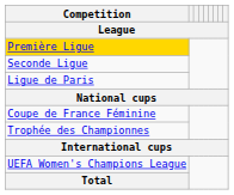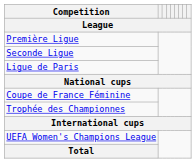 <table class="wikitable plainrowheaders sortable" style="text-align:center">
 <tr>
 <th>Competition</th>
 <th></th>
 <th></th>
 <th></th>
 <th></th>
 <th></th>
 <th></th>
 <th></th>
 <th></th>
 </tr>
 <tr>
 <th colspan=11><strong>League</strong></th>
 </tr>
 <tr>
-<td align=left style="background: gold;"><a href='#'>Première Ligue</a><br></td>
+<td align=left><a href='#'>Première Ligue</a><br></td>
 </tr>
 <tr>
 <td align=left><a href='#'>Seconde Ligue</a><br></td>
 </tr>
 <tr>
 <td align=left><a href='#'>Ligue de Paris</a><br></td>
 </tr>
 <tr>
 <th colspan=11><strong>National cups</strong></th>
 </tr>
 <tr>
 <td align=left><a href='#'>Coupe de France Féminine</a><br></td>
 </tr>
 <tr>
 <td align=left><a href='#'>Trophée des Championnes</a><br></td>
 </tr>
 <tr>
 <th colspan=11><strong>International cups</strong></th>
 </tr>
 <tr>
 <td align=left><a href='#'>UEFA Women's Champions League</a><br></td>
 </tr>
 <tr class=sortbottom>
 <th scope=row><strong>Total</strong><br></th>
 </tr>
 </table>
